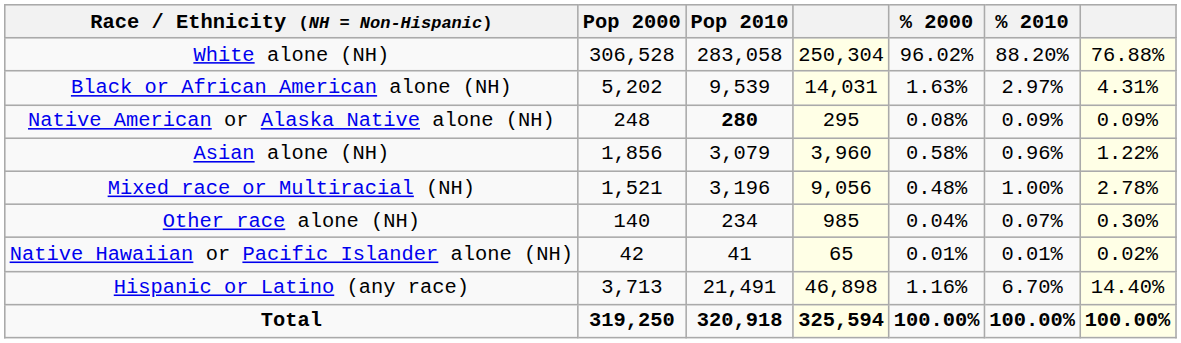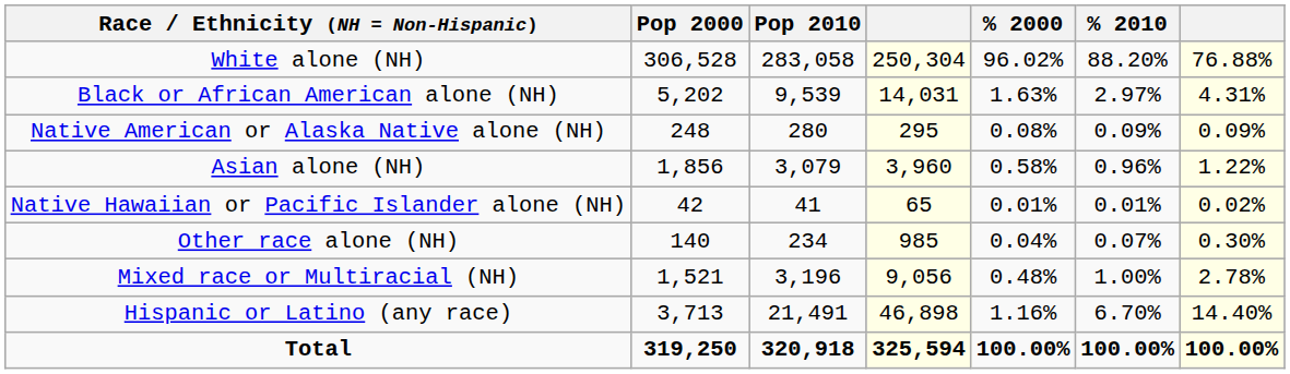 <table class="wikitable" style="text-align:center;">
 <tr>
 <th>Race / Ethnicity <small>(<em>NH = Non-Hispanic</em>)</small></th>
 <th>Pop 2000</th>
 <th>Pop 2010</th>
 <th></th>
 <th>% 2000</th>
 <th>% 2010</th>
 <th></th>
 </tr>
 <tr>
 <td><a href='#'>White</a> alone (NH)</td>
 <td>306,528</td>
 <td>283,058</td>
 <td style='background: #ffffe6;'>250,304</td>
 <td>96.02%</td>
 <td>88.20%</td>
 <td style='background: #ffffe6;'>76.88%</td>
 </tr>
 <tr>
 <td><a href='#'>Black or African American</a> alone (NH)</td>
 <td>5,202</td>
 <td>9,539</td>
 <td style='background: #ffffe6;'>14,031</td>
 <td>1.63%</td>
 <td>2.97%</td>
 <td style='background: #ffffe6;'>4.31%</td>
 </tr>
 <tr>
 <td><a href='#'>Native American</a> or <a href='#'>Alaska Native</a> alone (NH)</td>
 <td>248</td>
-<td><strong>280</strong></td>
+<td>280</td>
 <td style='background: #ffffe6;'>295</td>
 <td>0.08%</td>
 <td>0.09%</td>
 <td style='background: #ffffe6;'>0.09%</td>
 </tr>
 <tr>
 <td><a href='#'>Asian</a> alone (NH)</td>
 <td>1,856</td>
 <td>3,079</td>
 <td style='background: #ffffe6;'>3,960</td>
 <td>0.58%</td>
 <td>0.96%</td>
 <td style='background: #ffffe6;'>1.22%</td>
 </tr>
 <tr>
-<td><a href='#'>Mixed race or Multiracial</a> (NH)</td>
-<td>1,521</td>
-<td>3,196</td>
-<td style='background: #ffffe6;'>9,056</td>
-<td>0.48%</td>
-<td>1.00%</td>
-<td style='background: #ffffe6;'>2.78%</td>
+<td><a href='#'>Native Hawaiian</a> or <a href='#'>Pacific Islander</a> alone (NH)</td>
+<td>42</td>
+<td>41</td>
+<td style='background: #ffffe6;'>65</td>
+<td>0.01%</td>
+<td>0.01%</td>
+<td style='background: #ffffe6;'>0.02%</td>
 </tr>
 <tr>
 <td><a href='#'>Other race</a> alone (NH)</td>
 <td>140</td>
 <td>234</td>
 <td style='background: #ffffe6;'>985</td>
 <td>0.04%</td>
 <td>0.07%</td>
 <td style='background: #ffffe6;'>0.30%</td>
 </tr>
 <tr>
-<td><a href='#'>Native Hawaiian</a> or <a href='#'>Pacific Islander</a> alone (NH)</td>
-<td>42</td>
-<td>41</td>
-<td style='background: #ffffe6;'>65</td>
-<td>0.01%</td>
-<td>0.01%</td>
-<td style='background: #ffffe6;'>0.02%</td>
+<td><a href='#'>Mixed race or Multiracial</a> (NH)</td>
+<td>1,521</td>
+<td>3,196</td>
+<td style='background: #ffffe6;'>9,056</td>
+<td>0.48%</td>
+<td>1.00%</td>
+<td style='background: #ffffe6;'>2.78%</td>
 </tr>
 <tr>
 <td><a href='#'>Hispanic or Latino</a> (any race)</td>
 <td>3,713</td>
 <td>21,491</td>
 <td style='background: #ffffe6;'>46,898</td>
 <td>1.16%</td>
 <td>6.70%</td>
 <td style='background: #ffffe6;'>14.40%</td>
 </tr>
 <tr>
 <td><strong>Total</strong></td>
 <td><strong>319,250</strong></td>
 <td><strong>320,918</strong></td>
 <td style='background: #ffffe6;'><strong>325,594</strong></td>
 <td><strong>100.00%</strong></td>
 <td><strong>100.00%</strong></td>
 <td style='background: #ffffe6;'><strong>100.00%</strong></td>
 </tr>
 </table>
